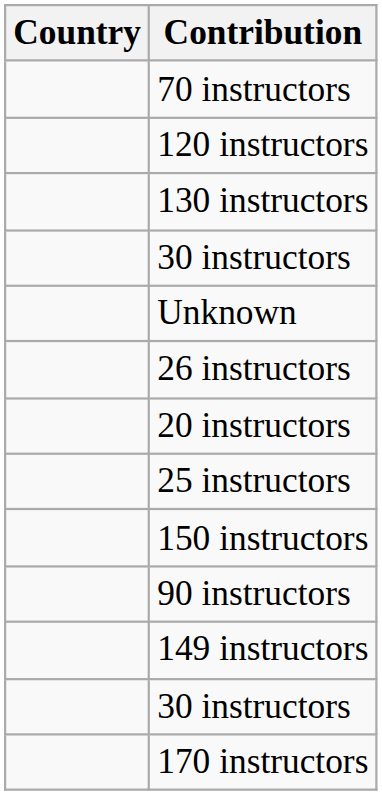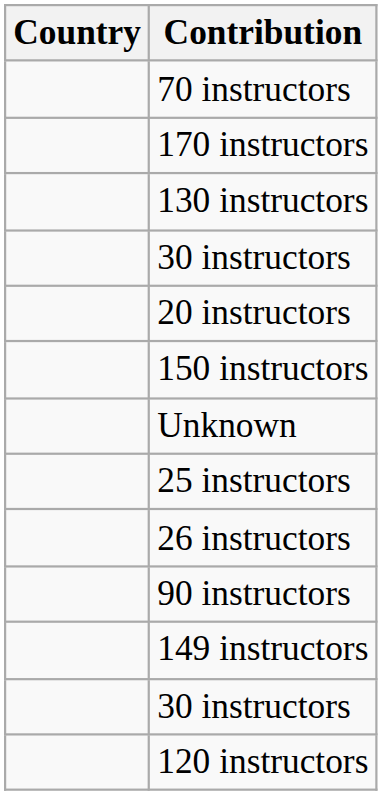 <table class="wikitable">
 <tr>
 <th>Country</th>
 <th>Contribution</th>
 </tr>
 <tr>
 <td></td>
 <td>70 instructors</td>
 </tr>
 <tr>
 <td></td>
-<td>120 instructors</td>
+<td>170 instructors</td>
 </tr>
 <tr>
 <td></td>
 <td>130 instructors</td>
 </tr>
 <tr>
 <td></td>
 <td>30 instructors</td>
 </tr>
 <tr>
 <td></td>
-<td>Unknown</td>
+<td>20 instructors</td>
 </tr>
 <tr>
 <td></td>
-<td>26 instructors</td>
+<td>150 instructors</td>
 </tr>
 <tr>
 <td></td>
-<td>20 instructors</td>
+<td>Unknown</td>
 </tr>
 <tr>
 <td></td>
 <td>25 instructors</td>
 </tr>
 <tr>
 <td></td>
-<td>150 instructors</td>
+<td>26 instructors</td>
 </tr>
 <tr>
 <td></td>
 <td>90 instructors</td>
 </tr>
 <tr>
 <td></td>
 <td>149 instructors</td>
 </tr>
 <tr>
 <td></td>
 <td>30 instructors</td>
 </tr>
 <tr>
 <td></td>
-<td>170 instructors</td>
+<td>120 instructors</td>
 </tr>
 </table>
